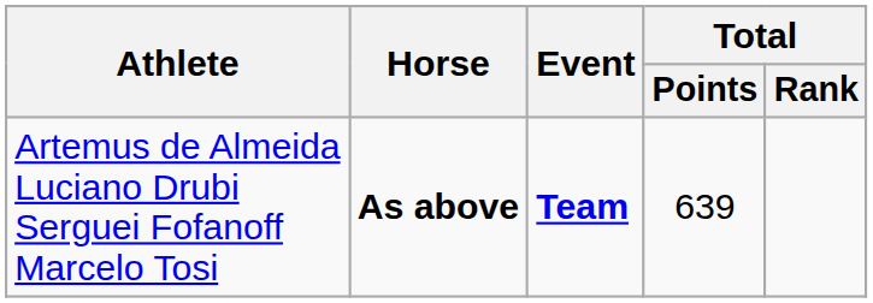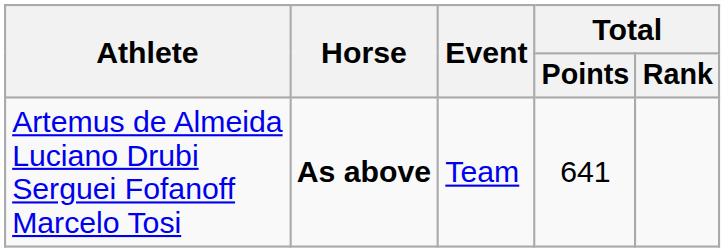 <table class=wikitable style=font-size:90%;text-align:center>
 <tr>
 <th rowspan=2>Athlete</th>
 <th rowspan=2>Horse</th>
 <th rowspan=2>Event</th>
 <th colspan=2>Total</th>
 </tr>
 <tr style=font-size:95%>
 <th>Points</th>
 <th>Rank</th>
 </tr>
 <tr>
 <td align=left><a href='#'>Artemus de Almeida</a><br><a href='#'>Luciano Drubi</a><br><a href='#'>Serguei Fofanoff</a><br><a href='#'>Marcelo Tosi</a></td>
 <td align=left><strong>As above</strong></td>
-<td align=left><strong><a href='#'>Team</a></strong></td>
-<td>639</td>
+<td align=left><a href='#'>Team</a></td>
+<td>641</td>
 <td></td>
 </tr>
 </table>
